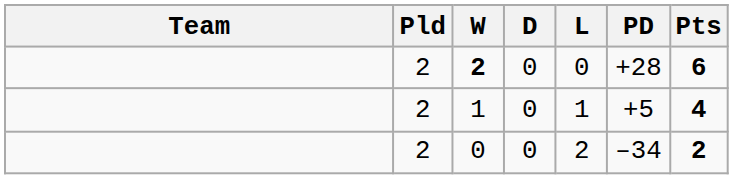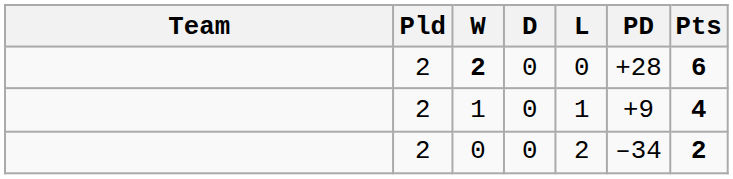 <table class="wikitable" style="text-align:center;">
 <tr>
 <th width="190">Team</th>
 <th width="20" abbr="Played">Pld</th>
 <th width="20" abbr="Won">W</th>
 <th width="20" abbr="Drawn">D</th>
 <th width="20" abbr="Lost">L</th>
 <th width="25" abbr="Points difference">PD</th>
 <th width="20" abbr="Points">Pts</th>
 </tr>
 <tr>
 <td align="left"></td>
 <td>2</td>
 <td><strong>2</strong></td>
 <td>0</td>
 <td>0</td>
 <td>+28</td>
 <td><strong>6</strong></td>
 </tr>
 <tr>
 <td align="left"></td>
 <td>2</td>
 <td>1</td>
 <td>0</td>
 <td>1</td>
-<td>+5</td>
+<td>+9</td>
 <td><strong>4</strong></td>
 </tr>
 <tr>
 <td align="left"></td>
 <td>2</td>
 <td>0</td>
 <td>0</td>
 <td>2</td>
 <td>–34</td>
 <td><strong>2</strong></td>
 </tr>
 </table>
